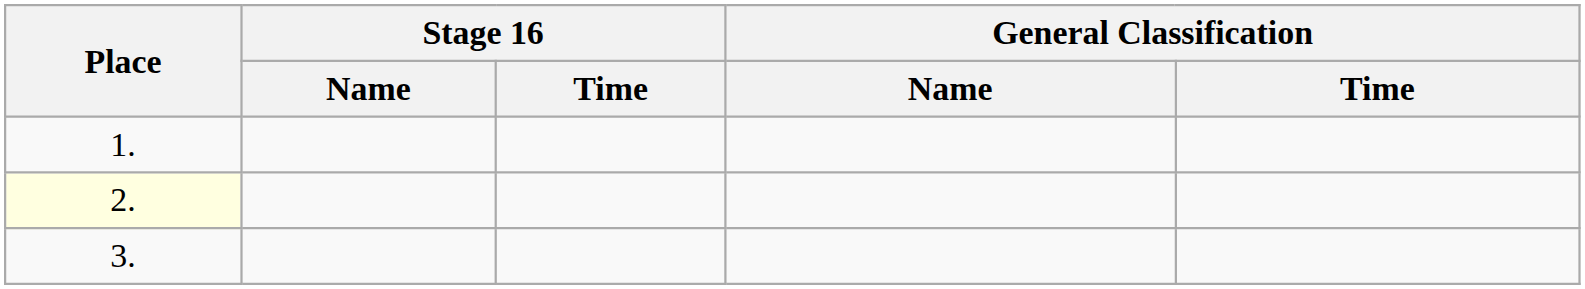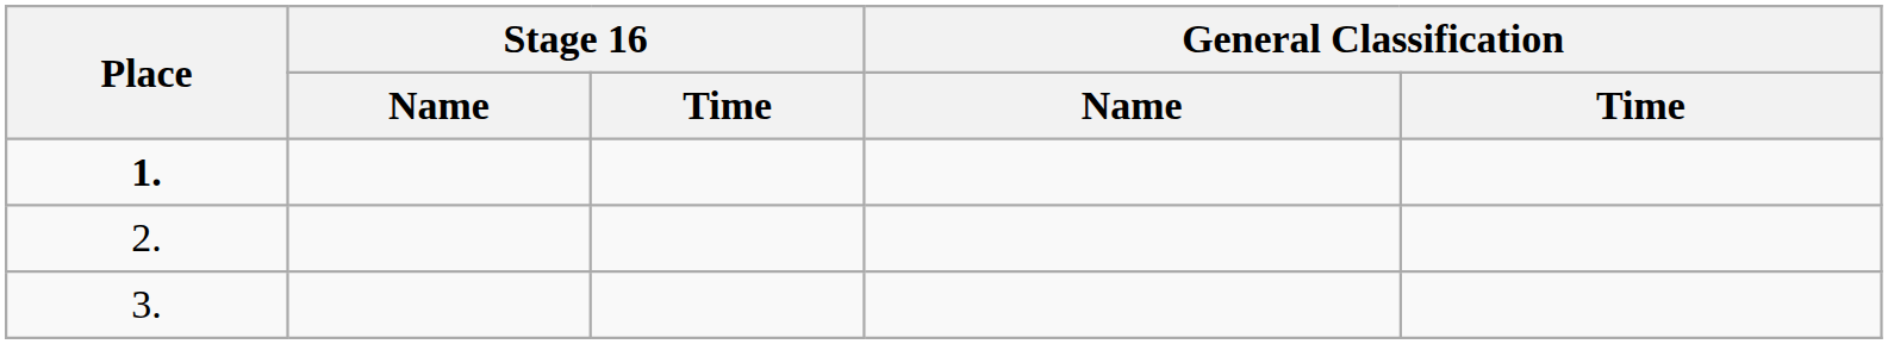 <table class=wikitable style="font-size:95%" width="80%">
 <tr>
 <th rowspan="2">Place</th>
 <th colspan="2">Stage 16</th>
 <th colspan="2">General Classification</th>
 </tr>
 <tr>
 <th>Name</th>
 <th>Time</th>
 <th>Name</th>
 <th>Time</th>
 </tr>
 <tr>
-<td align="center">1.</td>
+<td align="center"><strong>1.</strong></td>
 <td></td>
 <td></td>
 <td></td>
 <td></td>
 </tr>
 <tr>
-<td align="center" style="background: lightyellow;">2.</td>
+<td align="center">2.</td>
 <td></td>
 <td></td>
 <td></td>
 <td></td>
 </tr>
 <tr>
 <td align="center">3.</td>
 <td></td>
 <td></td>
 <td></td>
 <td></td>
 </tr>
 </table>
